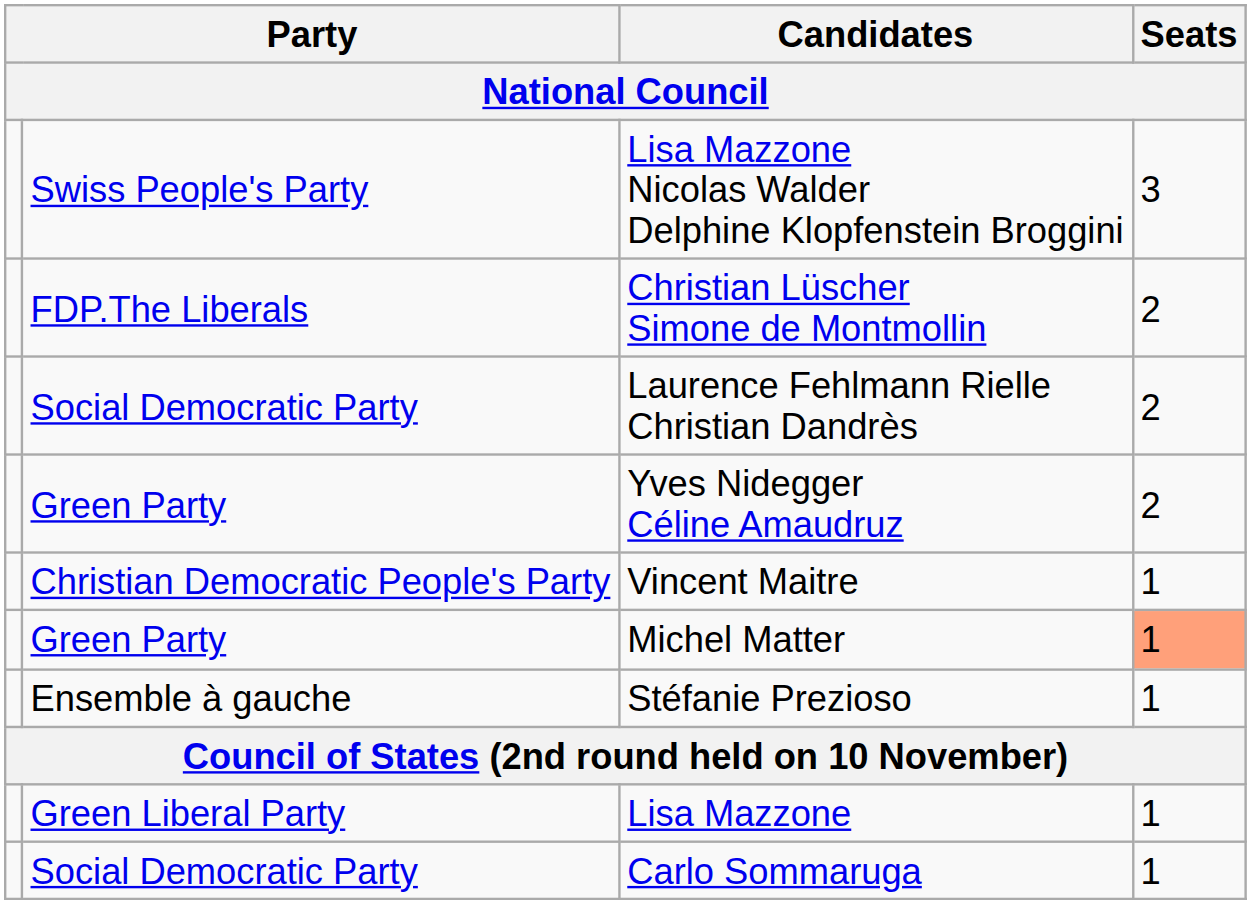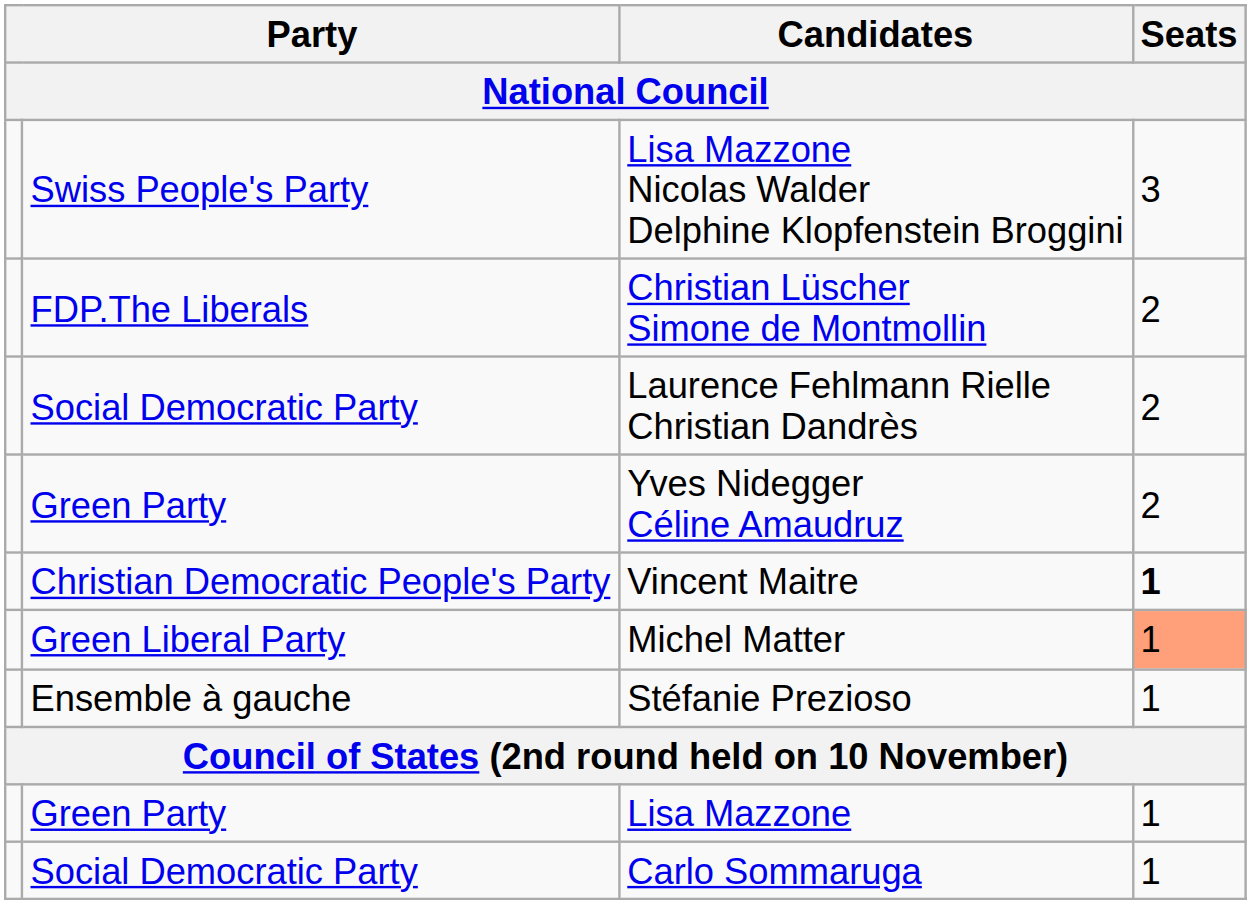 <table class="wikitable" style="font-size:95%;">
 <tr>
 <th colspan=2>Party</th>
 <th>Candidates</th>
 <th>Seats</th>
 </tr>
 <tr>
 <th colspan=6><a href='#'>National Council</a></th>
 </tr>
 <tr>
 <td bgcolor=></td>
 <td align="left"><a href='#'>Swiss People's Party</a></td>
 <td><a href='#'>Lisa Mazzone</a><br>Nicolas Walder<br>Delphine Klopfenstein Broggini</td>
 <td>3</td>
 </tr>
 <tr>
 <td bgcolor=></td>
 <td align=left><a href='#'>FDP.The Liberals</a></td>
 <td><a href='#'>Christian Lüscher</a><br><a href='#'>Simone de Montmollin</a></td>
 <td>2</td>
 </tr>
 <tr>
 <td bgcolor=></td>
 <td align=left><a href='#'>Social Democratic Party</a></td>
 <td>Laurence Fehlmann Rielle<br>Christian Dandrès</td>
 <td>2</td>
 </tr>
 <tr>
 <td></td>
 <td align=left><a href='#'>Green Party</a></td>
 <td>Yves Nidegger<br><a href='#'>Céline Amaudruz</a></td>
 <td>2</td>
 </tr>
 <tr>
 <td bgcolor=></td>
 <td align=left><a href='#'>Christian Democratic People's Party</a></td>
 <td>Vincent Maitre</td>
-<td>1</td>
+<td><strong>1</strong></td>
 </tr>
 <tr>
 <td></td>
-<td align=left><a href='#'>Green Party</a></td>
+<td align="left"><a href='#'>Green Liberal Party</a></td>
 <td>Michel Matter</td>
 <td style="background: lightsalmon;">1</td>
 </tr>
 <tr>
 <td></td>
 <td>Ensemble à gauche</td>
 <td>Stéfanie Prezioso</td>
 <td>1</td>
 </tr>
 <tr>
 <th colspan=6><a href='#'>Council of States</a> (2nd round held on 10 November)</th>
 </tr>
 <tr>
 <td bgcolor=></td>
-<td align="left"><a href='#'>Green Liberal Party</a></td>
+<td align=left><a href='#'>Green Party</a></td>
 <td><a href='#'>Lisa Mazzone</a></td>
 <td>1</td>
 </tr>
 <tr>
 <td bgcolor=></td>
 <td align=left><a href='#'>Social Democratic Party</a></td>
 <td><a href='#'>Carlo Sommaruga</a></td>
 <td>1</td>
 </tr>
 <tr>
 </tr>
 </table>
